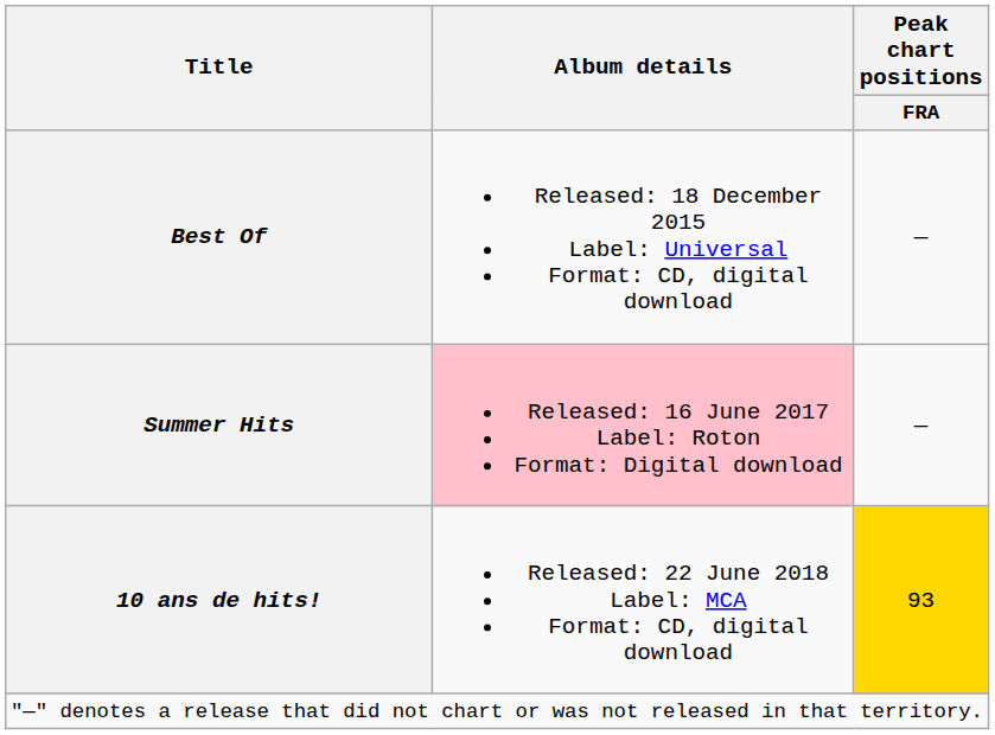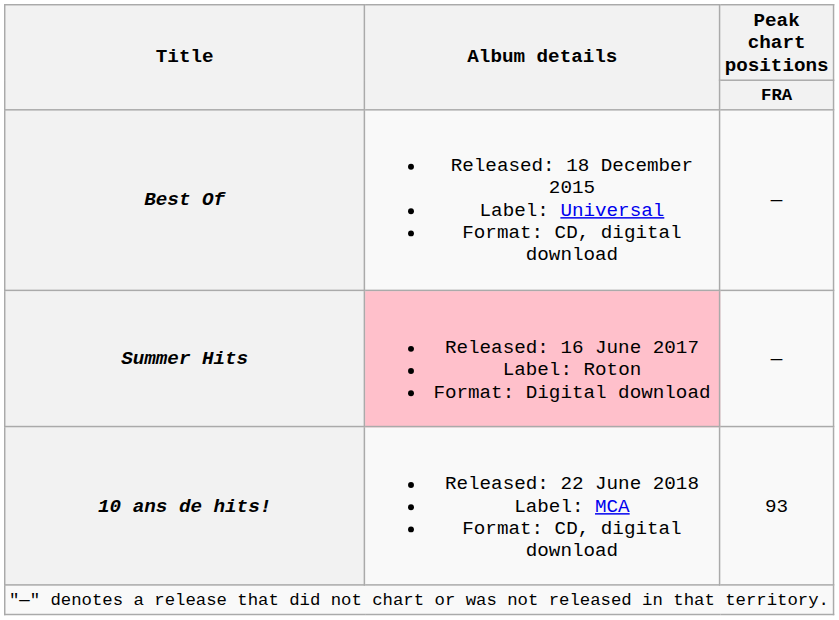 <table class="wikitable plainrowheaders" style="text-align:center;">
 <tr>
 <th scope="col" rowspan="2">Title</th>
 <th scope="col" rowspan="2" style="width:18em;">Album details</th>
 <th scope="col" colspan="1">Peak chart positions</th>
 </tr>
 <tr>
 <th scope="col" style="width:2.5em;font-size:90%;">FRA<br></th>
 </tr>
 <tr>
 <th scope="row"><em>Best Of</em></th>
 <td><br><ul><li>Released: 18 December 2015</li><li>Label: <a href='#'>Universal</a></li><li>Format: CD, digital download</li></ul></td>
 <td>—</td>
 </tr>
 <tr>
 <th scope="row"><em>Summer Hits</em></th>
 <td style="background: pink;"><br><ul><li>Released: 16 June 2017</li><li>Label: Roton</li><li>Format: Digital download</li></ul></td>
 <td>—</td>
 </tr>
 <tr>
 <th scope="row"><em>10 ans de hits!</em></th>
 <td><br><ul><li>Released: 22 June 2018</li><li>Label: <a href='#'>MCA</a></li><li>Format: CD, digital download</li></ul></td>
-<td style="background: gold;">93</td>
+<td>93</td>
 </tr>
 <tr>
 <td colspan="15" style="font-size:90%">"—" denotes a release that did not chart or was not released in that territory.</td>
 </tr>
 </table>
